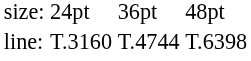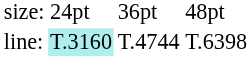 <table style="margin-left:40px;">
 <tr>
 <td>size:</td>
 <td>24pt</td>
 <td>36pt</td>
 <td>48pt</td>
 </tr>
 <tr>
 <td>line:</td>
-<td>T.3160</td>
+<td style="background: paleturquoise;">T.3160</td>
 <td>T.4744</td>
 <td>T.6398</td>
 </tr>
 </table>
